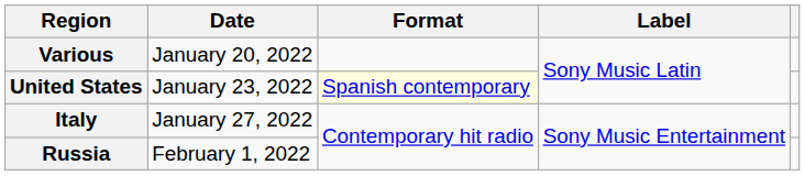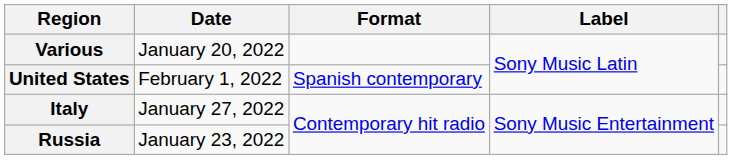 <table class="wikitable sortable plainrowheaders">
 <tr>
 <th scope="col">Region</th>
 <th scope="col">Date</th>
 <th scope="col">Format</th>
 <th scope="col">Label</th>
 <th scope="col"></th>
 </tr>
 <tr>
 <th scope="row">Various</th>
 <td>January 20, 2022</td>
 <td></td>
 <td rowspan="2"><a href='#'>Sony Music Latin</a></td>
 <td align="center"></td>
 </tr>
 <tr>
 <th scope="row">United States</th>
-<td>January 23, 2022</td>
-<td style="background: lightyellow;"><a href='#'>Spanish contemporary</a></td>
+<td>February 1, 2022</td>
+<td><a href='#'>Spanish contemporary</a></td>
 <td align="center"></td>
 </tr>
 <tr>
 <th scope="row">Italy</th>
 <td>January 27, 2022</td>
 <td rowspan="2"><a href='#'>Contemporary hit radio</a></td>
 <td rowspan="2"><a href='#'>Sony Music Entertainment</a></td>
 <td align="center"></td>
 </tr>
 <tr>
 <th scope="row">Russia</th>
-<td>February 1, 2022</td>
+<td>January 23, 2022</td>
 <td align="center"></td>
 </tr>
 </table>
